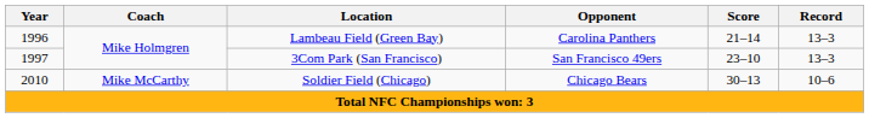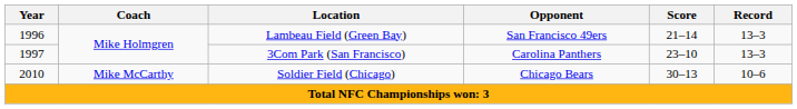 <table class="wikitable" style="width:80%;text-align:center">
 <tr>
 <th>Year</th>
 <th>Coach</th>
 <th>Location</th>
 <th>Opponent</th>
 <th>Score</th>
 <th>Record</th>
 </tr>
 <tr>
 <td>1996</td>
 <td rowspan="2"><a href='#'>Mike Holmgren</a></td>
 <td><a href='#'>Lambeau Field</a>  (<a href='#'>Green Bay</a>)</td>
-<td><a href='#'>Carolina Panthers</a></td>
+<td><a href='#'>San Francisco 49ers</a></td>
 <td>21–14</td>
 <td>13–3</td>
 </tr>
 <tr>
 <td>1997</td>
 <td><a href='#'>3Com Park</a> (<a href='#'>San Francisco</a>)</td>
-<td><a href='#'>San Francisco 49ers</a></td>
+<td><a href='#'>Carolina Panthers</a></td>
 <td>23–10</td>
 <td>13–3</td>
 </tr>
 <tr>
 <td>2010</td>
 <td><a href='#'>Mike McCarthy</a></td>
 <td><a href='#'>Soldier Field</a> (<a href='#'>Chicago</a>)</td>
 <td><a href='#'>Chicago Bears</a></td>
 <td>30–13</td>
 <td>10–6</td>
 </tr>
 <tr style="background:#FFB612">
 <td colspan="6"><span><strong>Total NFC Championships won: 3</strong></span></td>
 </tr>
 </table>
